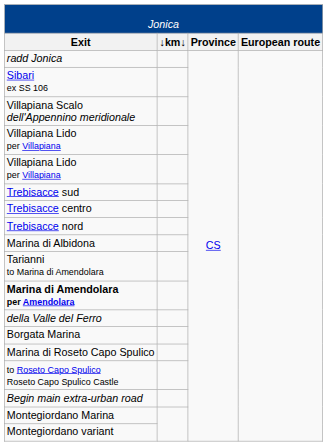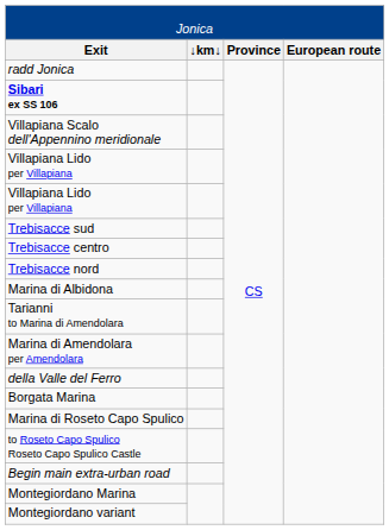 <table class="wikitable">
 <tr align="center" bgcolor="00408B" style="color: white;font-size:100%;">
 <td colspan="5"><br><em>Jonica</em><br></td>
 </tr>
 <tr>
 <th>Exit</th>
 <th>↓km↓</th>
 <th>Province</th>
 <th>European route</th>
 </tr>
 <tr>
 <td>   <em>radd Jonica</em></td>
 <td align="right"></td>
 <td align="center" rowspan=21><a href='#'>CS</a></td>
 <td align="center" rowspan=21></td>
 </tr>
 <tr>
-<td> <a href='#'>Sibari</a> <br><small> ex SS 106 </small></td>
+<td><strong> <a href='#'>Sibari</a> <br><small> ex SS 106 </small></strong></td>
 <td align="right"></td>
 </tr>
 <tr>
 <td> Villapiana Scalo<br> <em>dell'Appennino meridionale</em></td>
 <td align="right"></td>
 </tr>
 <tr>
 <td> Villapiana Lido<br> <small>per <a href='#'>Villapiana</a></small></td>
 <td align="right"></td>
 </tr>
 <tr>
 <td> Villapiana Lido<br> <small>per <a href='#'>Villapiana</a></small></td>
 <td align="right"></td>
 </tr>
 <tr>
 <td> <a href='#'>Trebisacce</a> sud</td>
 <td align="right"></td>
 </tr>
 <tr>
 <td> <a href='#'>Trebisacce</a> centro</td>
 <td align="right"></td>
 </tr>
 <tr>
 <td> <a href='#'>Trebisacce</a> nord</td>
 <td align="right"></td>
 </tr>
 <tr>
 <td> Marina di Albidona</td>
 <td align="right"></td>
 </tr>
 <tr>
 <td> Tarianni<br><small> to Marina di Amendolara</small></td>
 <td align="right"></td>
 </tr>
 <tr>
-<td><strong> Marina di Amendolara<br><small> per <a href='#'>Amendolara</a></small></strong></td>
+<td> Marina di Amendolara<br><small> per <a href='#'>Amendolara</a></small></td>
 <td align="right"></td>
 </tr>
 <tr>
 <td>  <em>della Valle del Ferro</em></td>
 <td align="right"></td>
 </tr>
 <tr>
 <td> Borgata Marina</td>
 <td align="right"></td>
 </tr>
 <tr>
 <td> Marina di Roseto Capo Spulico</td>
 <td align="right"></td>
 </tr>
 <tr>
 <td> <small>to <a href='#'>Roseto Capo Spulico</a></small> <br>  <small>Roseto Capo Spulico Castle</small></td>
 <td align="right"></td>
 </tr>
 <tr>
 <td> <em>Begin main extra-urban road</em></td>
 <td align="right"></td>
 </tr>
 <tr>
 <td> Montegiordano Marina</td>
 <td rowspan="2" align="right"></td>
 </tr>
 <tr>
 <td>   Montegiordano variant</td>
 </tr>
 </table>
